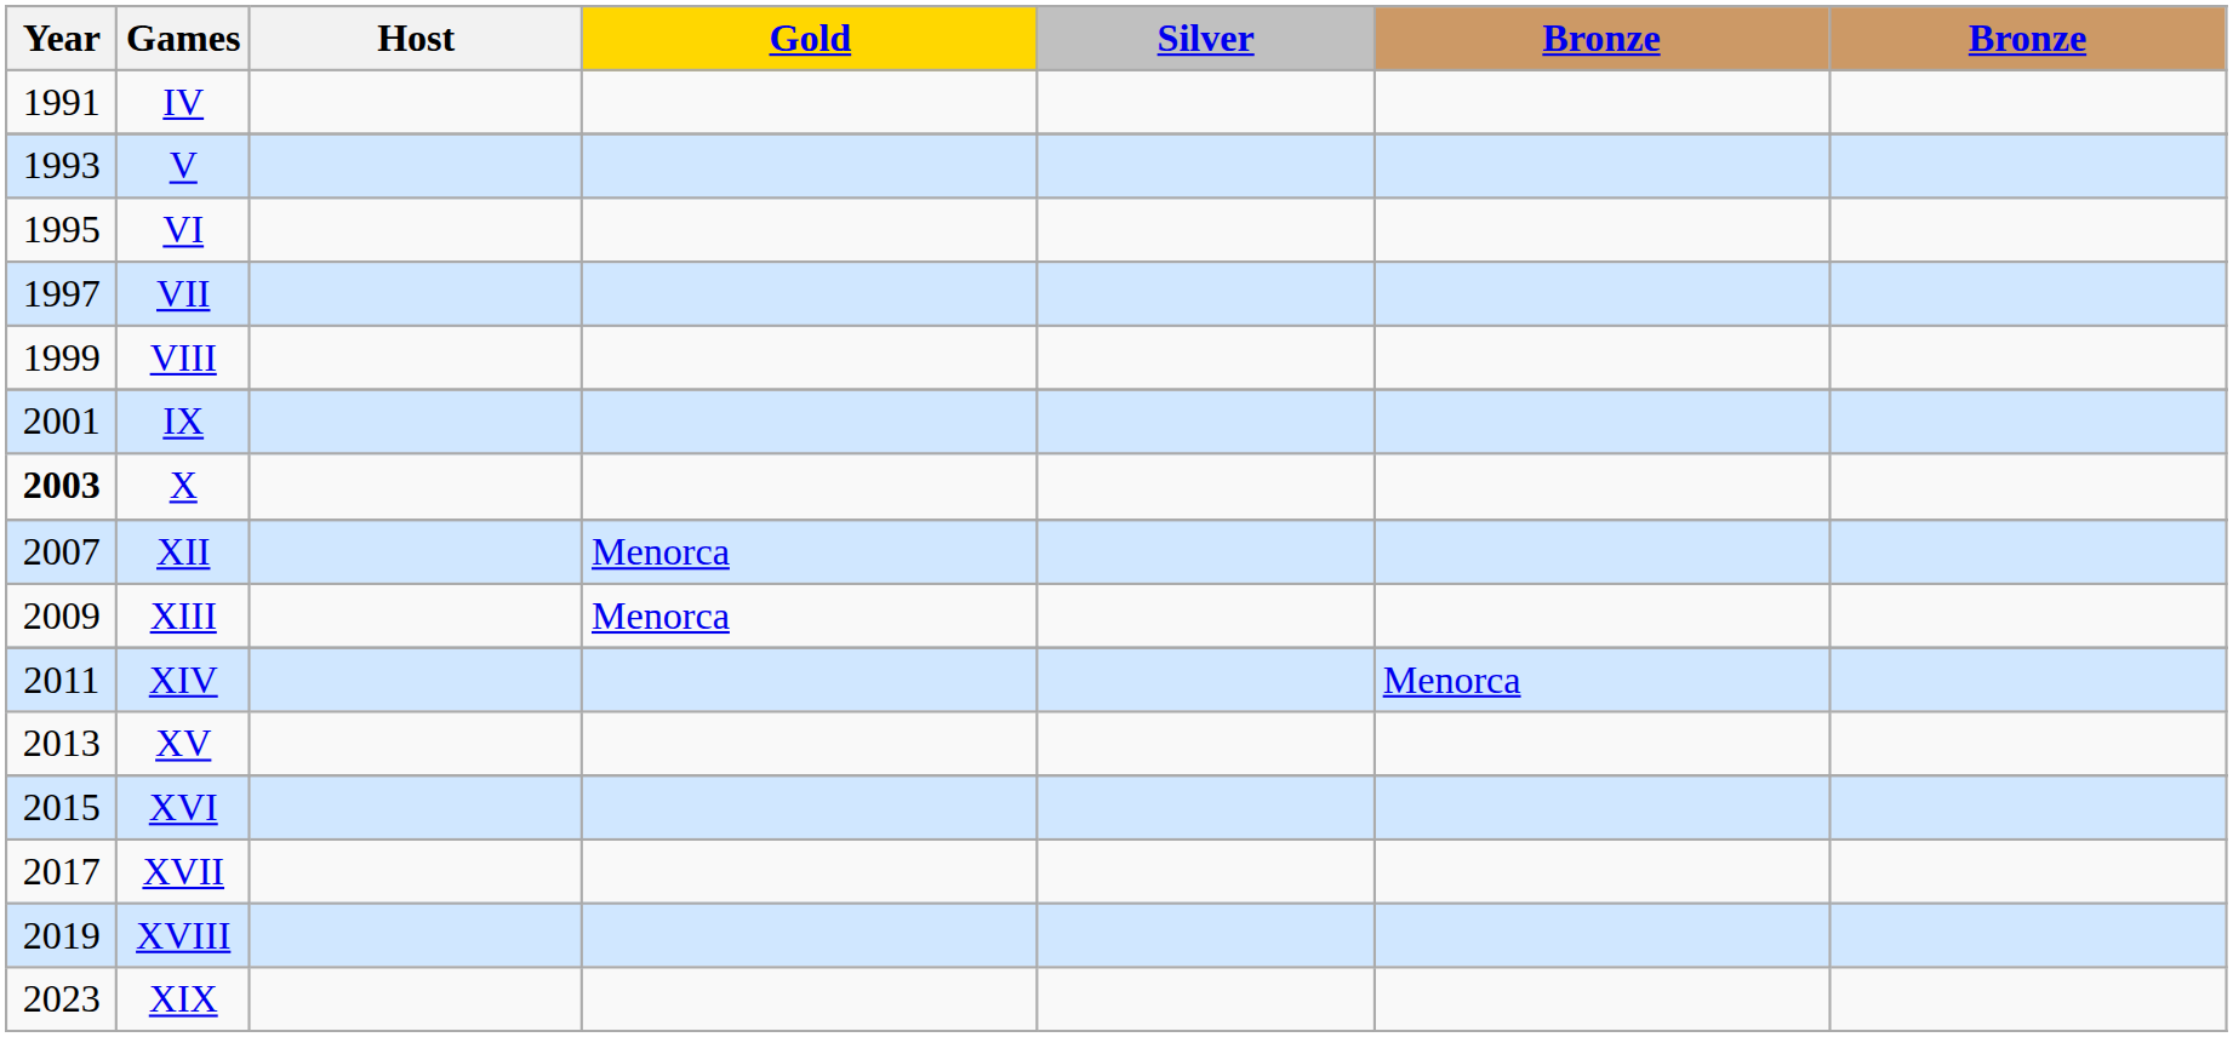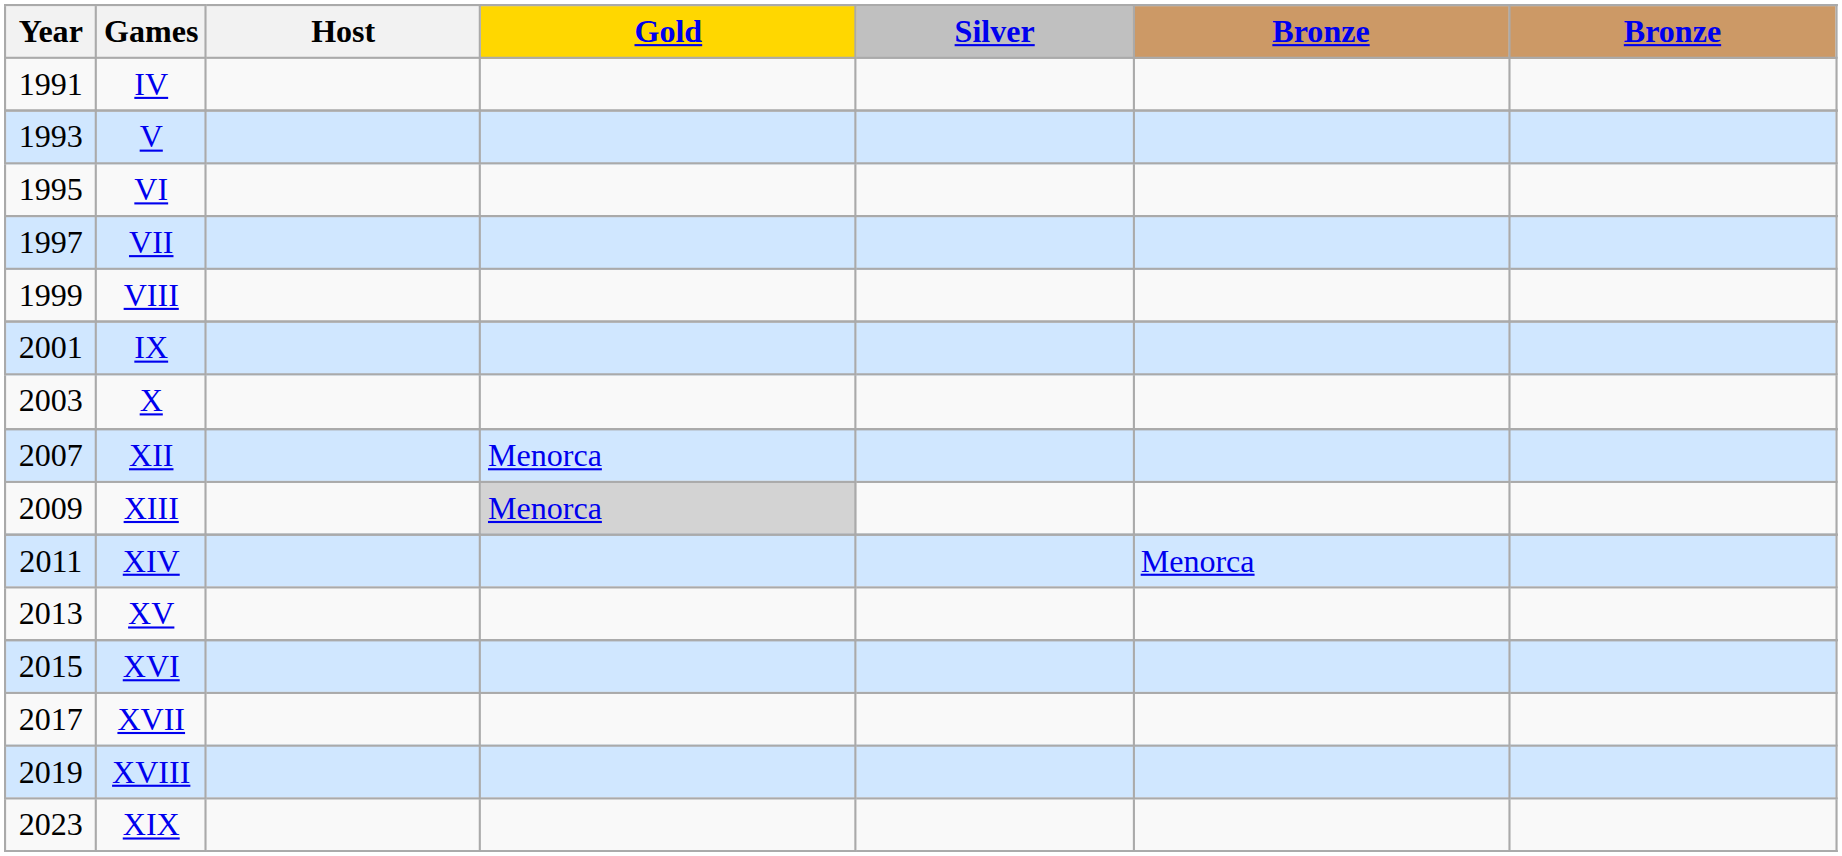 <table class="wikitable" style="text-align: center; font-size:95%;">
 <tr>
 <th rowspan="2" style="width:5%;">Year</th>
 <th rowspan="2" style="width:5%;">Games</th>
 <th rowspan="2" style="width:15%;">Host</th>
 </tr>
 <tr>
 <th style="background-color: gold"><a href='#'>Gold</a></th>
 <th style="background-color: silver"><a href='#'>Silver</a></th>
 <th style="background-color: #CC9966"><a href='#'>Bronze</a></th>
 <th style="background-color: #CC9966"><a href='#'>Bronze</a></th>
 </tr>
 <tr>
 <td>1991</td>
 <td align=center><a href='#'>IV</a></td>
 <td align="left"></td>
 <td align="left"></td>
 <td align="left"></td>
 <td align="left"></td>
 <td align="left"></td>
 </tr>
 <tr>
 </tr>
 <tr style="text-align:center; background:#d0e7ff;">
 <td>1993</td>
 <td align=center><a href='#'>V</a></td>
 <td align="left"></td>
 <td align="left"></td>
 <td align="left"></td>
 <td align="left"></td>
 <td align="left"></td>
 </tr>
 <tr>
 <td>1995</td>
 <td align=center><a href='#'>VI</a></td>
 <td align="left"></td>
 <td align="left"></td>
 <td align="left"></td>
 <td align="left"></td>
 <td align="left"></td>
 </tr>
 <tr>
 </tr>
 <tr style="text-align:center; background:#d0e7ff;">
 <td>1997</td>
 <td align=center><a href='#'>VII</a></td>
 <td align="left"></td>
 <td align="left"></td>
 <td align="left"></td>
 <td align="left"></td>
 <td align="left"></td>
 </tr>
 <tr>
 <td>1999</td>
 <td align=center><a href='#'>VIII</a></td>
 <td align="left"></td>
 <td align="left"></td>
 <td align="left"></td>
 <td align="left"></td>
 <td align="left"></td>
 </tr>
 <tr>
 </tr>
 <tr style="text-align:center; background:#d0e7ff;">
 <td>2001</td>
 <td align=center><a href='#'>IX</a></td>
 <td align="left"></td>
 <td align="left"> </td>
 <td align="left"> </td>
 <td align="left"> </td>
 <td align="left"> </td>
 </tr>
 <tr>
-<td><strong>2003</strong></td>
+<td>2003</td>
 <td align=center><a href='#'>X</a></td>
 <td align="left"></td>
 <td align="left"></td>
 <td align="left"></td>
 <td align="left"></td>
 <td align="left"></td>
 </tr>
 <tr>
 </tr>
 <tr style="text-align:center; background:#d0e7ff;">
 <td>2007</td>
 <td align=center><a href='#'>XII</a></td>
 <td align="left"></td>
 <td align="left"> <a href='#'>Menorca</a></td>
 <td align="left"></td>
 <td align="left"></td>
 <td align="left"></td>
 </tr>
 <tr>
 <td>2009</td>
 <td align=center><a href='#'>XIII</a></td>
 <td align="left"></td>
-<td align="left"> <a href='#'>Menorca</a></td>
+<td align="left" style="background: lightgrey;"> <a href='#'>Menorca</a></td>
 <td align="left"></td>
 <td align="left"></td>
 <td align="left"></td>
 </tr>
 <tr>
 </tr>
 <tr style="text-align:center; background:#d0e7ff;">
 <td>2011</td>
 <td align=center><a href='#'>XIV</a></td>
 <td align="left"></td>
 <td align="left"></td>
 <td align="left"></td>
 <td align="left"> <a href='#'>Menorca</a></td>
 <td align="left"></td>
 </tr>
 <tr>
 <td>2013</td>
 <td align=center><a href='#'>XV</a></td>
 <td align="left"></td>
 <td align="left"> </td>
 <td align="left"></td>
 <td align="left"></td>
 <td align="left"></td>
 </tr>
 <tr>
 </tr>
 <tr style="text-align:center; background:#d0e7ff;">
 <td>2015</td>
 <td align=center><a href='#'>XVI</a></td>
 <td align="left"></td>
 <td align="left"></td>
 <td align="left"></td>
 <td align="left"></td>
 <td align="left"></td>
 </tr>
 <tr>
 <td>2017</td>
 <td align=center><a href='#'>XVII</a></td>
 <td align="left"></td>
 <td align="left"></td>
 <td align="left"></td>
 <td align="left"></td>
 <td align="left"></td>
 </tr>
 <tr style="text-align:center; background:#d0e7ff;">
 <td>2019</td>
 <td align=center><a href='#'>XVIII</a></td>
 <td align="left"></td>
 <td align="left"></td>
 <td align="left"></td>
 <td align="left"></td>
 <td align="left"></td>
 </tr>
 <tr>
 <td>2023</td>
 <td align=center><a href='#'>XIX</a></td>
 <td align="left"></td>
 <td align="left"></td>
 <td align="left"></td>
 <td align="left"></td>
 <td align="left"></td>
 </tr>
 <tr>
 </tr>
 </table>
